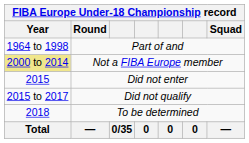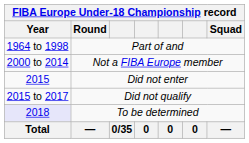 <table class="wikitable" style="text-align: center;">
 <tr>
 <th colspan=7><a href='#'>FIBA Europe Under-18 Championship</a> record</th>
 </tr>
 <tr>
 <th>Year</th>
 <th>Round</th>
 <th width=28></th>
 <th width=28></th>
 <th width=30></th>
 <th width=30></th>
 <th width=30>Squad</th>
 </tr>
 <tr>
 <td> <a href='#'>1964</a> to  <a href='#'>1998</a></td>
 <td colspan=6><em>Part of  and<br></em></td>
 </tr>
 <tr>
-<td style="background: khaki;"> <a href='#'>2000</a> to  <a href='#'>2014</a></td>
+<td> <a href='#'>2000</a> to  <a href='#'>2014</a></td>
 <td colspan=6><em>Not a <a href='#'>FIBA Europe</a> member</em></td>
 </tr>
 <tr>
 <td> <a href='#'>2015</a></td>
 <td colspan=6><em>Did not enter</em></td>
 </tr>
 <tr>
 <td> <a href='#'>2015</a> to  <a href='#'>2017</a></td>
 <td colspan=6><em>Did not qualify</em></td>
 </tr>
 <tr>
-<td> <a href='#'>2018</a></td>
+<td style="background: lavender;"> <a href='#'>2018</a></td>
 <td rowspan=1 colspan=6><em>To be determined</em></td>
 </tr>
 <tr>
 <th>Total</th>
 <th>—</th>
 <th>0/35</th>
 <th>0</th>
 <th>0</th>
 <th>0</th>
 <th>—</th>
 </tr>
 </table>
